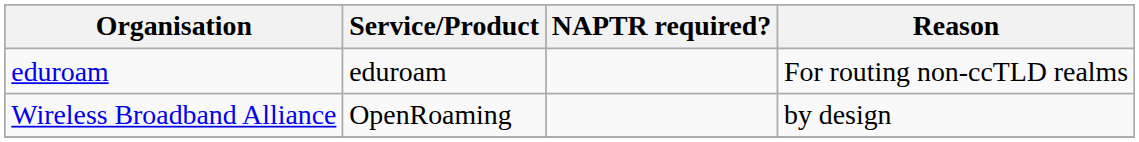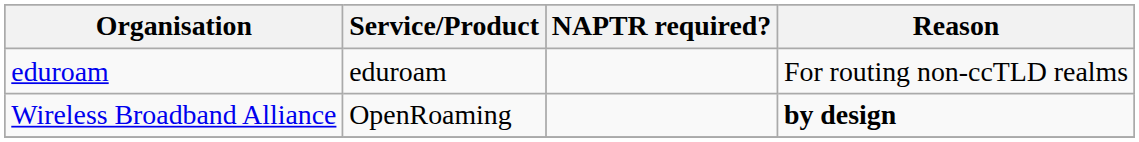 <table class="wikitable">
 <tr>
 <th>Organisation</th>
 <th>Service/Product</th>
 <th>NAPTR required?</th>
 <th>Reason</th>
 </tr>
 <tr>
 <td><a href='#'>eduroam</a></td>
 <td>eduroam</td>
 <td></td>
 <td>For routing non-ccTLD realms</td>
 </tr>
 <tr>
 <td><a href='#'>Wireless Broadband Alliance</a></td>
 <td>OpenRoaming</td>
 <td></td>
-<td>by design</td>
+<td><strong>by design</strong></td>
 </tr>
 <tr>
 </tr>
 </table>
